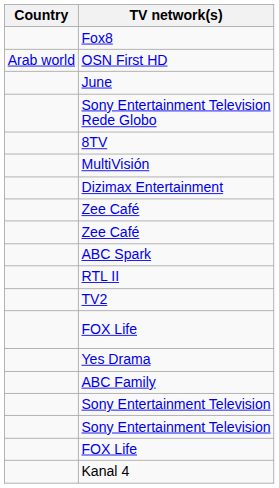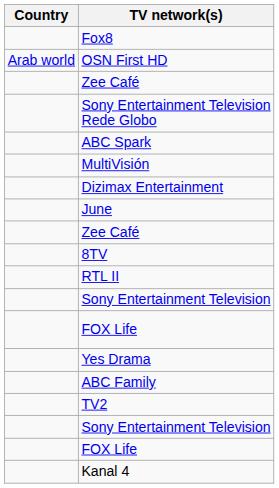 <table class="wikitable sortable">
 <tr>
 <th>Country</th>
 <th>TV network(s)</th>
 </tr>
 <tr>
 <td></td>
 <td><a href='#'>Fox8</a></td>
 </tr>
 <tr>
 <td> <a href='#'>Arab world</a></td>
 <td><a href='#'>OSN First HD</a></td>
 </tr>
 <tr>
 <td></td>
-<td><a href='#'>June</a></td>
+<td><a href='#'>Zee Café</a></td>
 </tr>
 <tr>
 <td></td>
 <td><a href='#'>Sony Entertainment Television</a><br><a href='#'>Rede Globo</a></td>
 </tr>
 <tr>
 <td></td>
-<td><a href='#'>8TV</a></td>
+<td><a href='#'>ABC Spark</a></td>
 </tr>
 <tr>
 <td></td>
 <td><a href='#'>MultiVisión</a></td>
 </tr>
 <tr>
 <td></td>
 <td><a href='#'>Dizimax Entertainment</a></td>
 </tr>
 <tr>
 <td></td>
-<td><a href='#'>Zee Café</a></td>
+<td><a href='#'>June</a></td>
 </tr>
 <tr>
 <td></td>
 <td><a href='#'>Zee Café</a></td>
 </tr>
 <tr>
 <td></td>
-<td><a href='#'>ABC Spark</a></td>
+<td><a href='#'>8TV</a></td>
 </tr>
 <tr>
 <td></td>
 <td><a href='#'>RTL II</a></td>
 </tr>
 <tr>
 <td></td>
-<td><a href='#'>TV2</a></td>
+<td><a href='#'>Sony Entertainment Television</a></td>
 </tr>
 <tr>
 <td><br><br></td>
 <td><a href='#'>FOX Life</a></td>
 </tr>
 <tr>
 <td></td>
 <td><a href='#'>Yes Drama</a></td>
 </tr>
 <tr>
 <td></td>
 <td><a href='#'>ABC Family</a></td>
 </tr>
 <tr>
 <td></td>
-<td><a href='#'>Sony Entertainment Television</a></td>
+<td><a href='#'>TV2</a></td>
 </tr>
 <tr>
 <td></td>
 <td><a href='#'>Sony Entertainment Television</a></td>
 </tr>
 <tr>
 <td></td>
 <td><a href='#'>FOX Life</a></td>
 </tr>
 <tr>
 <td></td>
 <td>Kanal 4</td>
 </tr>
 </table>
